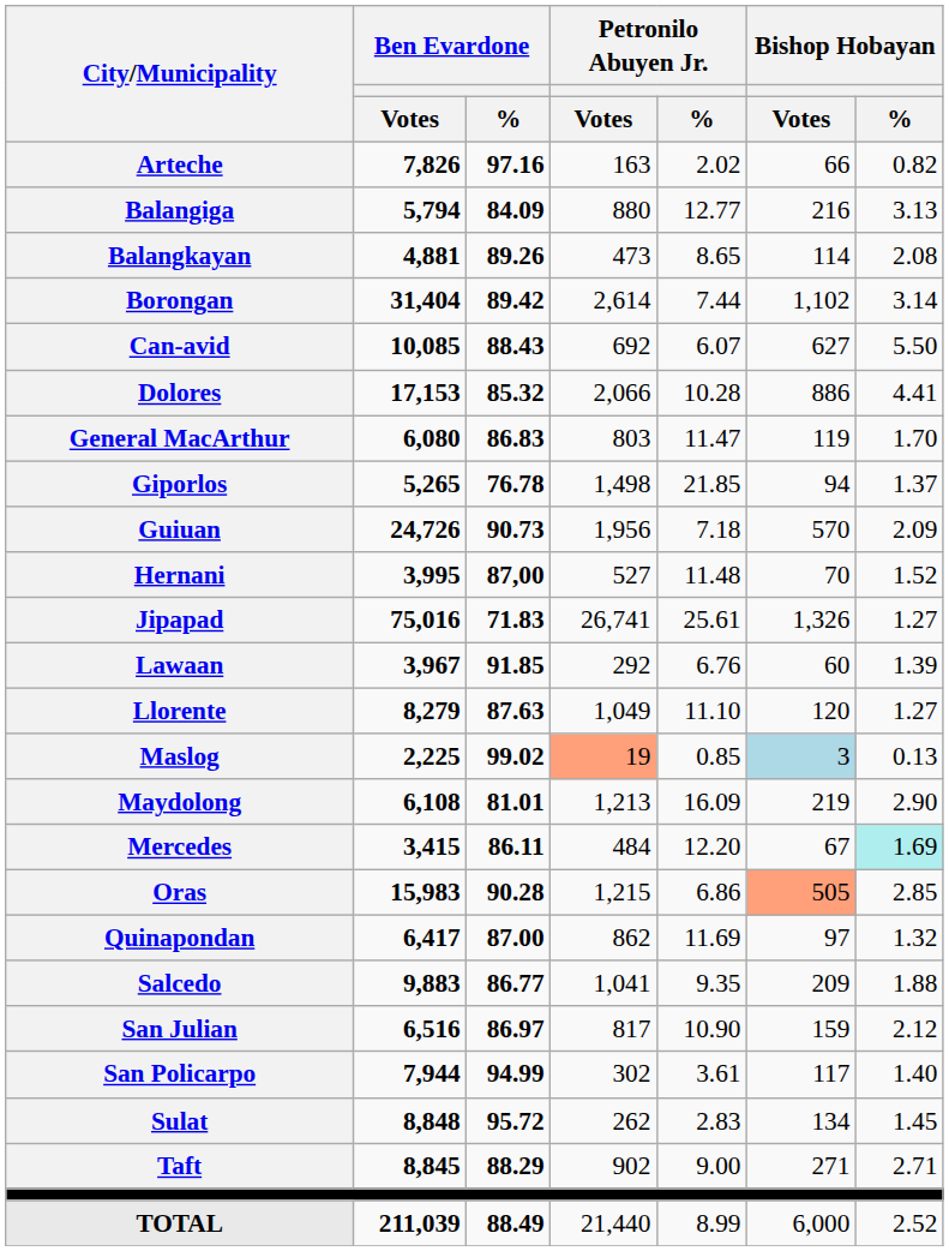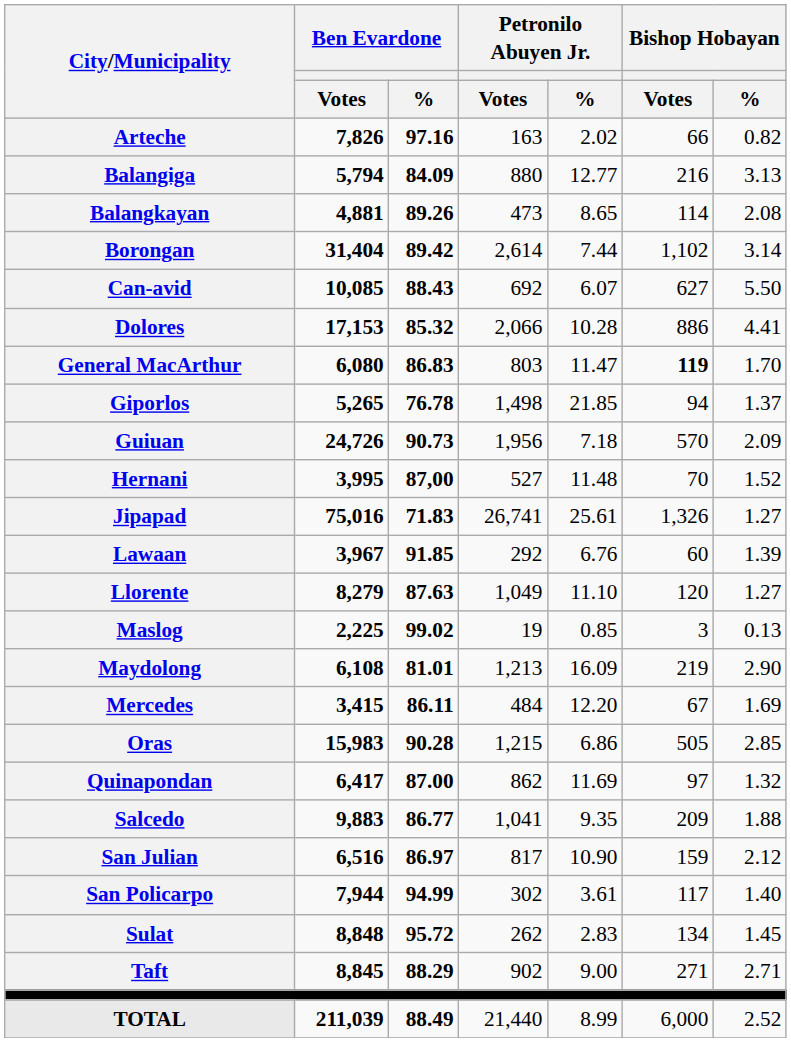 <table class="wikitable collapsible collapsed" style="text-align:right; font-size:95%; line-height:20px;">
 <tr>
 <th rowspan="3" width="200"><a href='#'>City</a>/<a href='#'>Municipality</a></th>
 <th colspan="2" width="110"><a href='#'>Ben Evardone</a></th>
 <th colspan="2" width="110">Petronilo Abuyen Jr.</th>
 <th colspan="2" width="110">Bishop Hobayan</th>
 </tr>
 <tr>
 <th colspan="2" style="background:"></th>
 <th colspan="2" style="background:"></th>
 <th colspan="2" style="background:"></th>
 </tr>
 <tr>
 <th>Votes</th>
 <th>%</th>
 <th>Votes</th>
 <th>%</th>
 <th>Votes</th>
 <th>%</th>
 </tr>
 <tr>
 <th scope="row"><a href='#'>Arteche</a></th>
 <td style="background:"><strong>7,826</strong></td>
 <td style="background:"><strong>97.16</strong></td>
 <td>163</td>
 <td>2.02</td>
 <td>66</td>
 <td>0.82</td>
 </tr>
 <tr>
 <th scope="row"><a href='#'>Balangiga</a></th>
 <td style="background:"><strong>5,794</strong></td>
 <td style="background:"><strong>84.09</strong></td>
 <td>880</td>
 <td>12.77</td>
 <td>216</td>
 <td>3.13</td>
 </tr>
 <tr>
 <th scope="row"><a href='#'>Balangkayan</a></th>
 <td style="background:"><strong>4,881</strong></td>
 <td style="background:"><strong>89.26</strong></td>
 <td>473</td>
 <td>8.65</td>
 <td>114</td>
 <td>2.08</td>
 </tr>
 <tr>
 <th scope="row"><a href='#'>Borongan</a></th>
 <td style="background:"><strong>31,404</strong></td>
 <td style="background:"><strong>89.42</strong></td>
 <td>2,614</td>
 <td>7.44</td>
 <td>1,102</td>
 <td>3.14</td>
 </tr>
 <tr>
 <th scope="row"><a href='#'>Can-avid</a></th>
 <td style="background:"><strong>10,085</strong></td>
 <td style="background:"><strong>88.43</strong></td>
 <td>692</td>
 <td>6.07</td>
 <td>627</td>
 <td>5.50</td>
 </tr>
 <tr>
 <th scope="row"><a href='#'>Dolores</a></th>
 <td style="background:"><strong>17,153</strong></td>
 <td style="background:"><strong>85.32</strong></td>
 <td>2,066</td>
 <td>10.28</td>
 <td>886</td>
 <td>4.41</td>
 </tr>
 <tr>
 <th scope="row"><a href='#'>General MacArthur</a></th>
 <td style="background:"><strong>6,080</strong></td>
 <td style="background:"><strong>86.83</strong></td>
 <td>803</td>
 <td>11.47</td>
-<td>119</td>
+<td><strong>119</strong></td>
 <td>1.70</td>
 </tr>
 <tr>
 <th scope="row"><a href='#'>Giporlos</a></th>
 <td style="background:"><strong>5,265</strong></td>
 <td style="background:"><strong>76.78</strong></td>
 <td>1,498</td>
 <td>21.85</td>
 <td>94</td>
 <td>1.37</td>
 </tr>
 <tr>
 <th scope="row"><a href='#'>Guiuan</a></th>
 <td style="background:"><strong>24,726</strong></td>
 <td style="background:"><strong>90.73</strong></td>
 <td>1,956</td>
 <td>7.18</td>
 <td>570</td>
 <td>2.09</td>
 </tr>
 <tr>
 <th scope="row"><a href='#'>Hernani</a></th>
 <td style="background:"><strong>3,995</strong></td>
 <td style="background:"><strong>87,00</strong></td>
 <td>527</td>
 <td>11.48</td>
 <td>70</td>
 <td>1.52</td>
 </tr>
 <tr>
 <th scope="row"><a href='#'>Jipapad</a></th>
 <td style="background:"><strong>75,016</strong></td>
 <td style="background:"><strong>71.83</strong></td>
 <td>26,741</td>
 <td>25.61</td>
 <td>1,326</td>
 <td>1.27</td>
 </tr>
 <tr>
 <th scope="row"><a href='#'>Lawaan</a></th>
 <td style="background:"><strong>3,967</strong></td>
 <td style="background:"><strong>91.85</strong></td>
 <td>292</td>
 <td>6.76</td>
 <td>60</td>
 <td>1.39</td>
 </tr>
 <tr>
 <th scope="row"><a href='#'>Llorente</a></th>
 <td style="background:"><strong>8,279</strong></td>
 <td style="background:"><strong>87.63</strong></td>
 <td>1,049</td>
 <td>11.10</td>
 <td>120</td>
 <td>1.27</td>
 </tr>
 <tr>
 <th scope="row"><a href='#'>Maslog</a></th>
 <td style="background:"><strong>2,225</strong></td>
 <td style="background:"><strong>99.02</strong></td>
-<td style="background: lightsalmon;">19</td>
+<td>19</td>
 <td>0.85</td>
-<td style="background: lightblue;">3</td>
+<td>3</td>
 <td>0.13</td>
 </tr>
 <tr>
 <th scope="row"><a href='#'>Maydolong</a></th>
 <td style="background:"><strong>6,108</strong></td>
 <td style="background:"><strong>81.01</strong></td>
 <td>1,213</td>
 <td>16.09</td>
 <td>219</td>
 <td>2.90</td>
 </tr>
 <tr>
 <th scope="row"><a href='#'>Mercedes</a></th>
 <td style="background:"><strong>3,415</strong></td>
 <td style="background:"><strong>86.11</strong></td>
 <td>484</td>
 <td>12.20</td>
 <td>67</td>
-<td style="background: paleturquoise;">1.69</td>
+<td>1.69</td>
 </tr>
 <tr>
 <th scope="row"><a href='#'>Oras</a></th>
 <td style="background:"><strong>15,983</strong></td>
 <td style="background:"><strong>90.28</strong></td>
 <td>1,215</td>
 <td>6.86</td>
-<td style="background: lightsalmon;">505</td>
+<td>505</td>
 <td>2.85</td>
 </tr>
 <tr>
 <th scope="row"><a href='#'>Quinapondan</a></th>
 <td style="background:"><strong>6,417</strong></td>
 <td style="background:"><strong>87.00</strong></td>
 <td>862</td>
 <td>11.69</td>
 <td>97</td>
 <td>1.32</td>
 </tr>
 <tr>
 <th scope="row"><a href='#'>Salcedo</a></th>
 <td style="background:"><strong>9,883</strong></td>
 <td style="background:"><strong>86.77</strong></td>
 <td>1,041</td>
 <td>9.35</td>
 <td>209</td>
 <td>1.88</td>
 </tr>
 <tr>
 <th scope="row"><a href='#'>San Julian</a></th>
 <td style="background:"><strong>6,516</strong></td>
 <td style="background:"><strong>86.97</strong></td>
 <td>817</td>
 <td>10.90</td>
 <td>159</td>
 <td>2.12</td>
 </tr>
 <tr>
 <th scope="row"><a href='#'>San Policarpo</a></th>
 <td style="background:"><strong>7,944</strong></td>
 <td style="background:"><strong>94.99</strong></td>
 <td>302</td>
 <td>3.61</td>
 <td>117</td>
 <td>1.40</td>
 </tr>
 <tr>
 <th scope="row"><a href='#'>Sulat</a></th>
 <td style="background:"><strong>8,848</strong></td>
 <td style="background:"><strong>95.72</strong></td>
 <td>262</td>
 <td>2.83</td>
 <td>134</td>
 <td>1.45</td>
 </tr>
 <tr>
 <th scope="row"><a href='#'>Taft</a></th>
 <td style="background:"><strong>8,845</strong></td>
 <td style="background:"><strong>88.29</strong></td>
 <td>902</td>
 <td>9.00</td>
 <td>271</td>
 <td>2.71</td>
 </tr>
 <tr>
 <td colspan="11" bgcolor="black"></td>
 </tr>
 <tr>
 <td style="background:#E9E9E9;" align="center"><strong>TOTAL</strong></td>
 <td style="background:"><strong>211,039</strong></td>
 <td style="background:"><strong>88.49</strong></td>
 <td>21,440</td>
 <td>8.99</td>
 <td>6,000</td>
 <td>2.52</td>
 </tr>
 </table>
